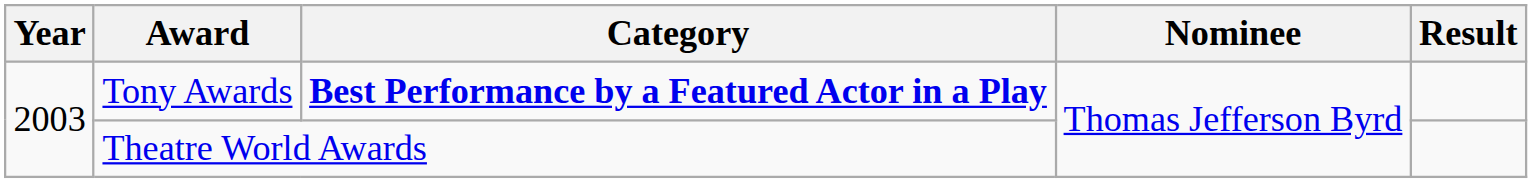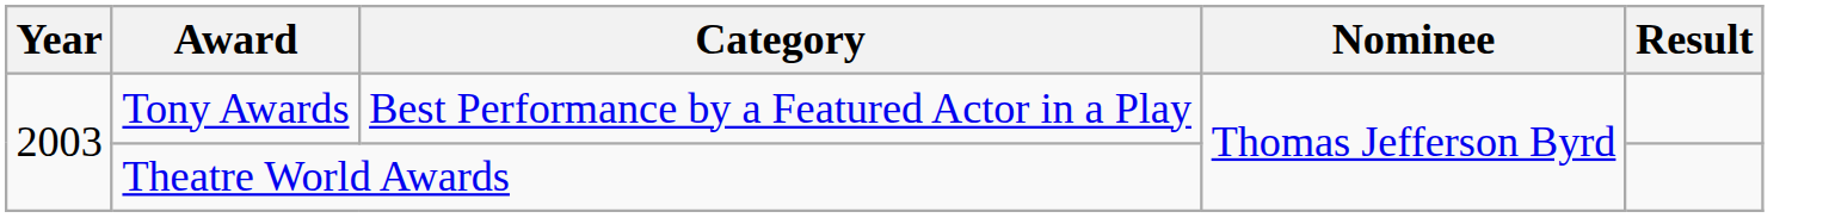 <table class="wikitable">
 <tr>
 <th>Year</th>
 <th>Award</th>
 <th>Category</th>
 <th>Nominee</th>
 <th>Result</th>
 </tr>
 <tr>
 <td rowspan="2" align="center">2003</td>
 <td><a href='#'>Tony Awards</a></td>
-<td><strong><a href='#'>Best Performance by a Featured Actor in a Play</a></strong></td>
+<td><a href='#'>Best Performance by a Featured Actor in a Play</a></td>
 <td rowspan="2"><a href='#'>Thomas Jefferson Byrd</a></td>
 <td></td>
 </tr>
 <tr>
 <td colspan="2"><a href='#'>Theatre World Awards</a></td>
 <td></td>
 </tr>
 </table>
